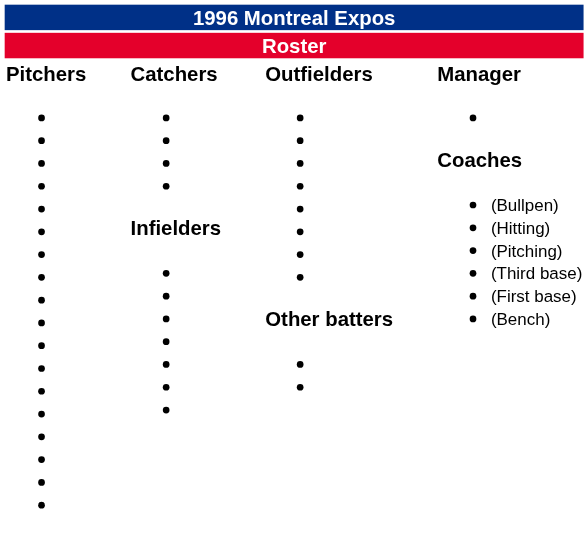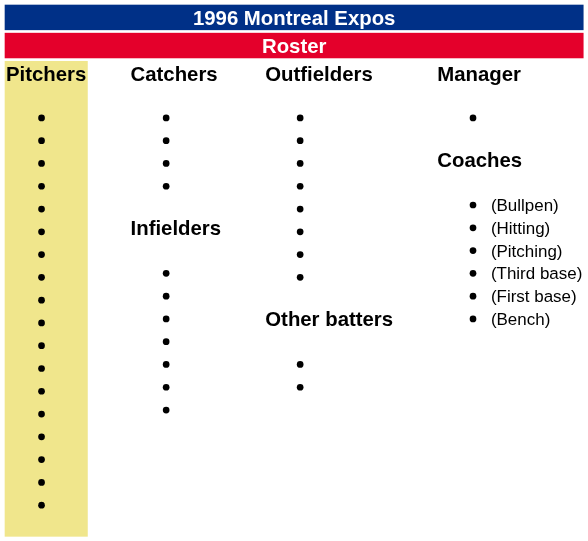 <table class="toccolours" style="font-size: 95%;">
 <tr>
 <th colspan="10" style="background-color: #003087; color: #FFFFFF; text-align: center;">1996 Montreal Expos</th>
 </tr>
 <tr>
 <td colspan="10" style="background-color: #E4002B; color: #FFFFFF; text-align: center;"><strong>Roster</strong></td>
 </tr>
 <tr>
-<td valign="top"><strong>Pitchers</strong><br><ul><li></li><li></li><li></li><li></li><li></li><li></li><li></li><li></li><li></li><li></li><li></li><li></li><li></li><li></li><li></li><li></li><li></li><li></li></ul></td>
+<td valign="top" style="background: khaki;"><strong>Pitchers</strong><br><ul><li></li><li></li><li></li><li></li><li></li><li></li><li></li><li></li><li></li><li></li><li></li><li></li><li></li><li></li><li></li><li></li><li></li><li></li></ul></td>
 <td width="25px"></td>
 <td valign="top"><strong>Catchers</strong><br><ul><li></li><li></li><li></li><li></li></ul><strong>Infielders</strong><ul><li></li><li></li><li></li><li></li><li></li><li></li><li></li></ul></td>
 <td width="25px"></td>
 <td valign="top"><strong>Outfielders</strong><br><ul><li></li><li></li><li></li><li></li><li></li><li></li><li></li><li></li></ul><strong>Other batters</strong><ul><li></li><li></li></ul></td>
 <td width="25px"></td>
 <td valign="top"><strong>Manager</strong><br><ul><li></li></ul><strong>Coaches</strong><ul><li> <small>(Bullpen)</small></li><li> <small>(Hitting)</small></li><li> <small>(Pitching)</small></li><li> <small>(Third base)</small></li><li> <small>(First base)</small></li><li> <small>(Bench)</small></li></ul></td>
 </tr>
 </table>
